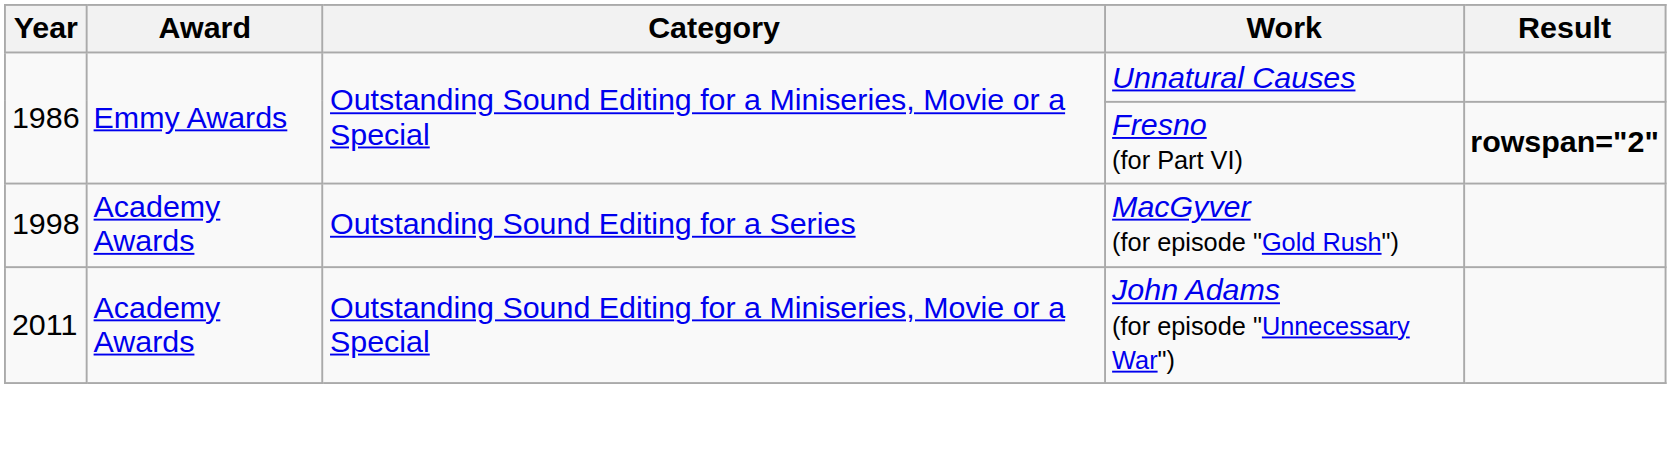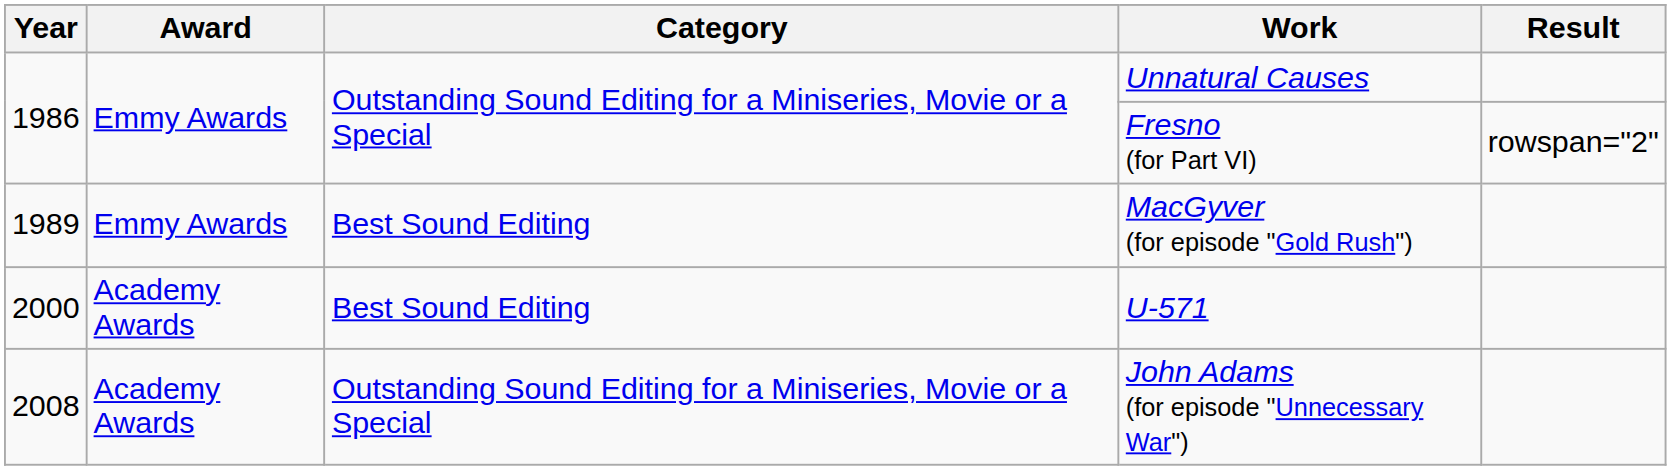 <table class="wikitable sortable" style="width: 99%;">
 <tr>
 <th scope="col">Year</th>
 <th scope="col">Award</th>
 <th scope="col">Category</th>
 <th scope="col">Work</th>
 <th scope="col">Result</th>
 </tr>
 <tr>
 <td rowspan="2">1986</td>
 <td rowspan="2"><a href='#'>Emmy Awards</a></td>
 <td rowspan="2"><a href='#'>Outstanding Sound Editing for a Miniseries, Movie or a Special</a></td>
 <td><em><a href='#'>Unnatural Causes</a></em></td>
 <td></td>
 </tr>
 <tr>
 <td><em><a href='#'>Fresno</a></em><br><small>(for Part VI)</small></td>
-<td><strong>rowspan="2" </strong></td>
+<td>rowspan="2" </td>
 </tr>
 <tr>
-<td>1998</td>
-<td><a href='#'>Academy Awards</a></td>
-<td><a href='#'>Outstanding Sound Editing for a Series</a></td>
+<td>1989</td>
+<td><a href='#'>Emmy Awards</a></td>
+<td><a href='#'>Best Sound Editing</a></td>
 <td><em><a href='#'>MacGyver</a></em><br><small>(for episode "<a href='#'>Gold Rush</a>")</small></td>
 </tr>
 <tr>
-<td>2011</td>
+<td>2000</td>
+<td><a href='#'>Academy Awards</a></td>
+<td><a href='#'>Best Sound Editing</a></td>
+<td><em><a href='#'>U-571</a></em></td>
+<td></td>
+</tr>
+<tr>
+<td>2008</td>
 <td><a href='#'>Academy Awards</a></td>
 <td><a href='#'>Outstanding Sound Editing for a Miniseries, Movie or a Special</a></td>
 <td><em><a href='#'>John Adams</a></em><br><small>(for episode "<a href='#'>Unnecessary War</a>")</small></td>
 <td></td>
 </tr>
 </table>
